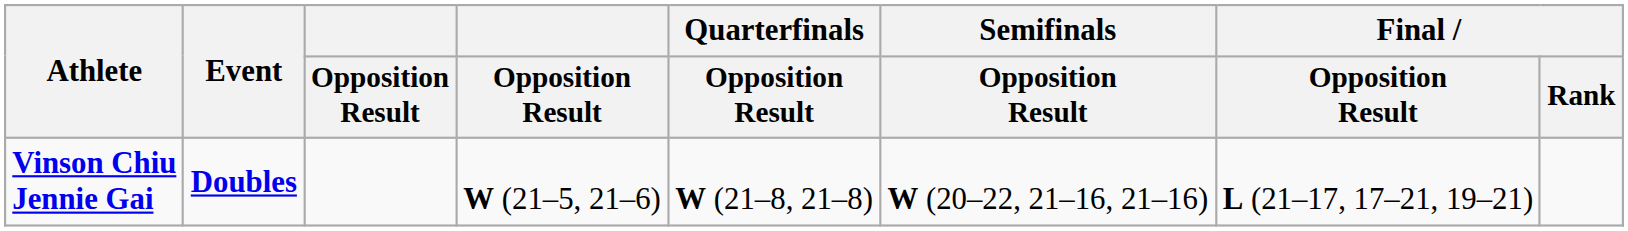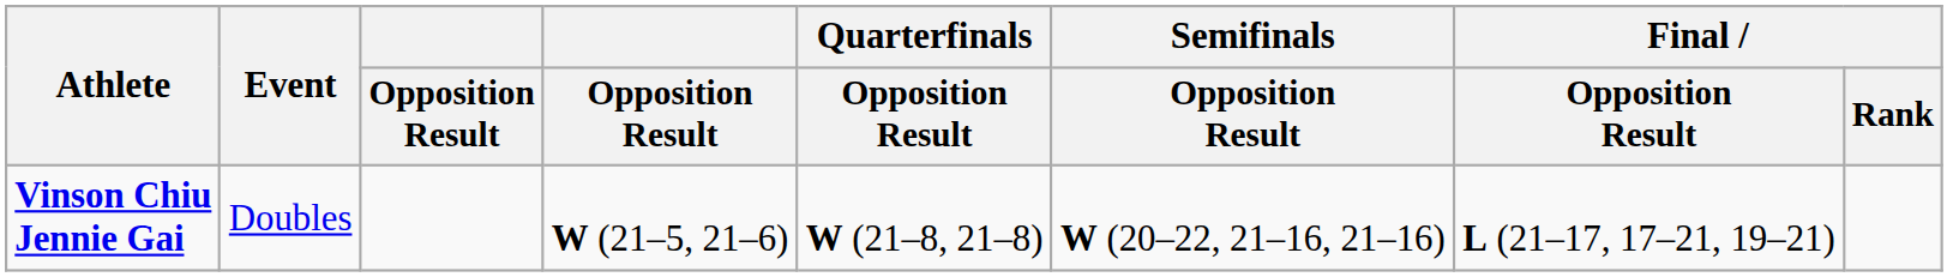 <table class=wikitable style=font-size:90%;text-align:center>
 <tr>
 <th rowspan=2>Athlete</th>
 <th rowspan=2>Event</th>
 <th></th>
 <th></th>
 <th>Quarterfinals</th>
 <th>Semifinals</th>
 <th colspan=2>Final / </th>
 </tr>
 <tr style=font-size:95%>
 <th>Opposition<br>Result</th>
 <th>Opposition<br>Result</th>
 <th>Opposition<br>Result</th>
 <th>Opposition<br>Result</th>
 <th>Opposition<br>Result</th>
 <th>Rank</th>
 </tr>
 <tr>
 <td align=left><strong><a href='#'>Vinson Chiu</a><br><a href='#'>Jennie Gai</a></strong></td>
-<td align=left><strong><a href='#'>Doubles</a></strong></td>
+<td align=left><a href='#'>Doubles</a></td>
 <td></td>
 <td><br><strong>W</strong> (21–5, 21–6)</td>
 <td><br><strong>W</strong> (21–8, 21–8)</td>
 <td><br><strong>W</strong> (20–22, 21–16, 21–16)</td>
 <td><br><strong>L</strong> (21–17, 17–21, 19–21)</td>
 <td></td>
 </tr>
 </table>
